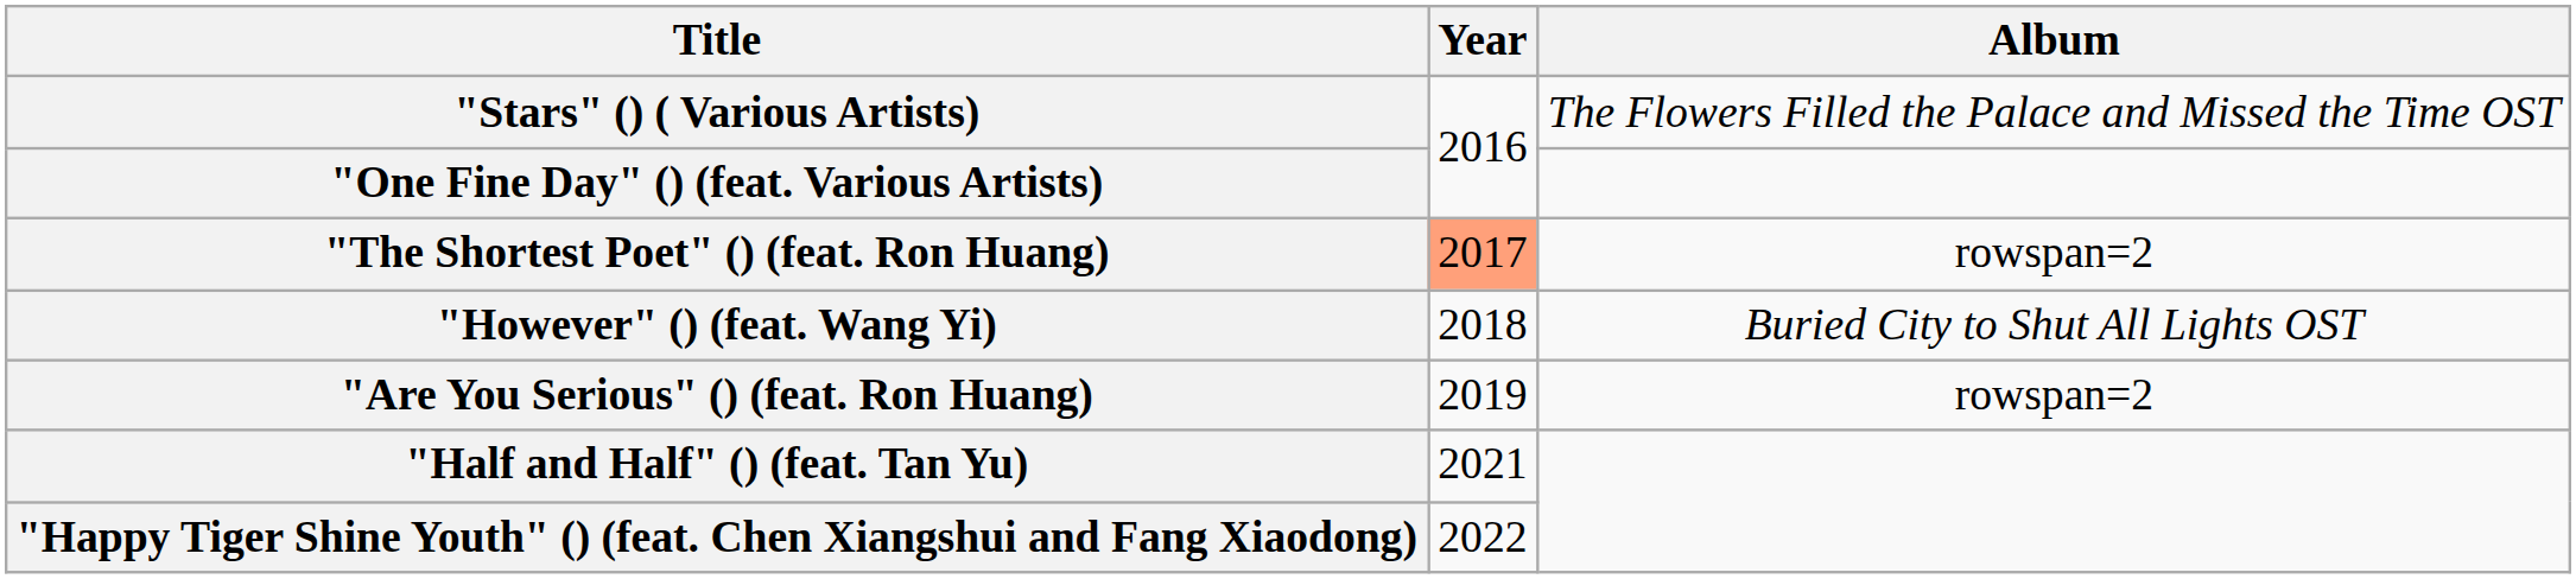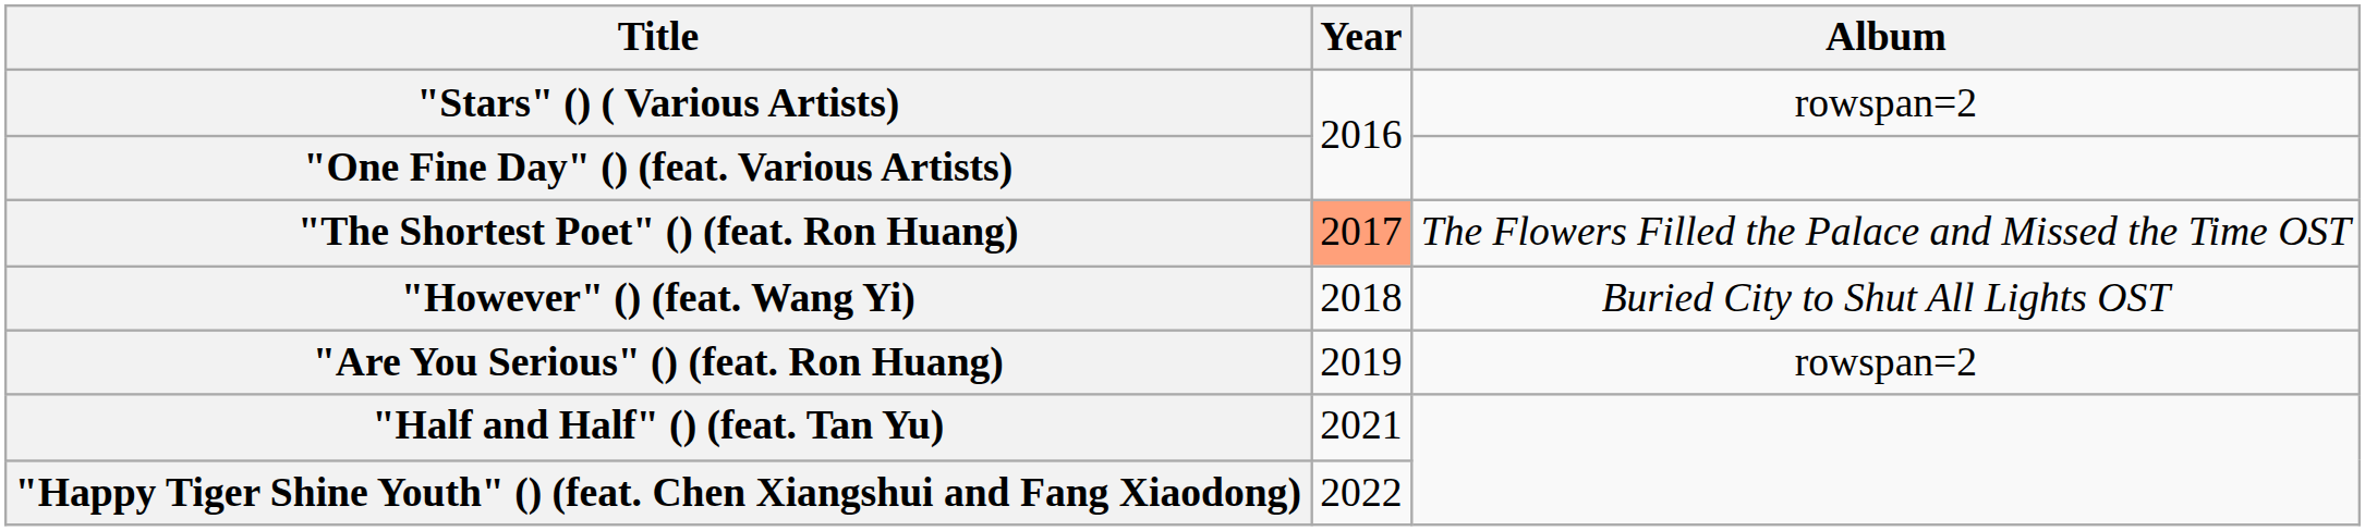 <table class="wikitable plainrowheaders" style="text-align:center;">
 <tr>
 <th scope="col">Title</th>
 <th scope="col">Year</th>
 <th scope="col">Album</th>
 </tr>
 <tr>
 <th scope="row">"Stars" () <span>( Various Artists)</span></th>
 <td rowspan=2>2016</td>
-<td><em>The Flowers Filled the Palace and Missed the Time OST</em></td>
+<td>rowspan=2 </td>
 </tr>
 <tr>
 <th scope="row">"One Fine Day" () <span>(feat. Various Artists)</span></th>
 </tr>
 <tr>
 <th scope="row">"The Shortest Poet" () <span>(feat. Ron Huang)</span></th>
 <td style="background: lightsalmon;">2017</td>
-<td>rowspan=2 </td>
+<td><em>The Flowers Filled the Palace and Missed the Time OST</em></td>
 </tr>
 <tr>
 <th scope="row">"However" () <span>(feat. Wang Yi)</span></th>
 <td>2018</td>
 <td><em>Buried City to Shut All Lights OST</em></td>
 </tr>
 <tr>
 <th scope="row">"Are You Serious" () <span>(feat. Ron Huang)</span></th>
 <td>2019</td>
 <td>rowspan=2 </td>
 </tr>
 <tr>
 <th scope="row">"Half and Half" () <span>(feat. Tan Yu)</span></th>
 <td>2021</td>
 </tr>
 <tr>
 <th scope="row">"Happy Tiger Shine Youth" () <span>(feat. Chen Xiangshui and Fang Xiaodong)</span></th>
 <td>2022</td>
 </tr>
 </table>
